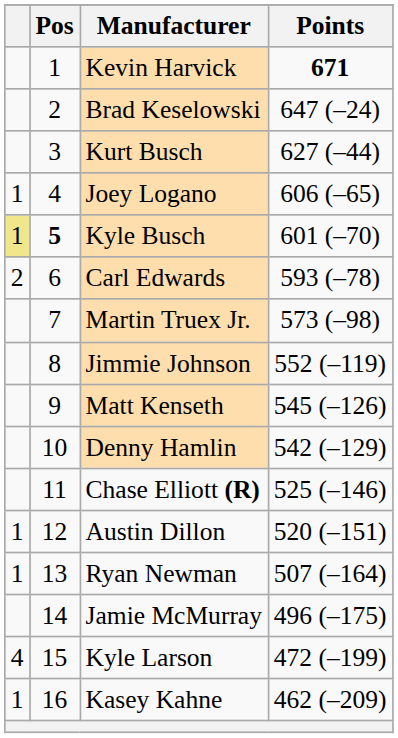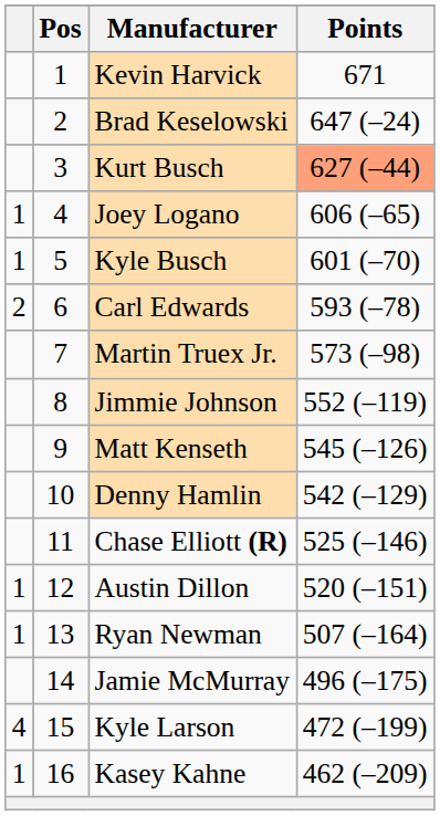 <table class="wikitable" style="font-size:95%">
 <tr>
 </tr>
 <tr>
 <th></th>
 <th>Pos</th>
 <th>Manufacturer</th>
 <th>Points</th>
 </tr>
 <tr>
 <td align="left"></td>
 <td style="text-align:center;">1</td>
 <td style="background:#FFDEAD;">Kevin Harvick</td>
-<td style="text-align:center;"><strong>671</strong></td>
+<td style="text-align:center;">671</td>
 </tr>
 <tr>
 <td align="left"></td>
 <td style="text-align:center;">2</td>
 <td style="background:#FFDEAD;">Brad Keselowski</td>
 <td style="text-align:center;">647 (–24)</td>
 </tr>
 <tr>
 <td align="left"></td>
 <td style="text-align:center;">3</td>
 <td style="background:#FFDEAD;">Kurt Busch</td>
-<td style="text-align:center;">627 (–44)</td>
+<td style="background: lightsalmon; text-align:center;">627 (–44)</td>
 </tr>
 <tr>
 <td align="left"> 1</td>
 <td style="text-align:center;">4</td>
 <td style="background:#FFDEAD;">Joey Logano</td>
 <td style="text-align:center;">606 (–65)</td>
 </tr>
 <tr>
-<td align="left" style="background: khaki;"> 1</td>
-<td style="text-align:center;"><strong>5</strong></td>
+<td align="left"> 1</td>
+<td style="text-align:center;">5</td>
 <td style="background:#FFDEAD;">Kyle Busch</td>
 <td style="text-align:center;">601 (–70)</td>
 </tr>
 <tr>
 <td align="left"> 2</td>
 <td style="text-align:center;">6</td>
 <td style="background:#FFDEAD;">Carl Edwards</td>
 <td style="text-align:center;">593 (–78)</td>
 </tr>
 <tr>
 <td align="left"></td>
 <td style="text-align:center;">7</td>
 <td style="background:#FFDEAD;">Martin Truex Jr.</td>
 <td style="text-align:center;">573 (–98)</td>
 </tr>
 <tr>
 <td align="left"></td>
 <td style="text-align:center;">8</td>
 <td style="background:#FFDEAD;">Jimmie Johnson</td>
 <td style="text-align:center;">552 (–119)</td>
 </tr>
 <tr>
 <td align="left"></td>
 <td style="text-align:center;">9</td>
 <td style="background:#FFDEAD;">Matt Kenseth</td>
 <td style="text-align:center;">545 (–126)</td>
 </tr>
 <tr>
 <td align="left"></td>
 <td style="text-align:center;">10</td>
 <td style="background:#FFDEAD;">Denny Hamlin</td>
 <td style="text-align:center;">542 (–129)</td>
 </tr>
 <tr>
 <td align="left"></td>
 <td style="text-align:center;">11</td>
 <td>Chase Elliott <strong>(R)</strong></td>
 <td style="text-align:center;">525 (–146)</td>
 </tr>
 <tr>
 <td align="left"> 1</td>
 <td style="text-align:center;">12</td>
 <td>Austin Dillon</td>
 <td style="text-align:center;">520 (–151)</td>
 </tr>
 <tr>
 <td align="left"> 1</td>
 <td style="text-align:center;">13</td>
 <td>Ryan Newman</td>
 <td style="text-align:center;">507 (–164)</td>
 </tr>
 <tr>
 <td align="left"></td>
 <td style="text-align:center;">14</td>
 <td>Jamie McMurray</td>
 <td style="text-align:center;">496 (–175)</td>
 </tr>
 <tr>
 <td align="left"> 4</td>
 <td style="text-align:center;">15</td>
 <td>Kyle Larson</td>
 <td style="text-align:center;">472 (–199)</td>
 </tr>
 <tr>
 <td align="left"> 1</td>
 <td style="text-align:center;">16</td>
 <td>Kasey Kahne</td>
 <td style="text-align:center;">462 (–209)</td>
 </tr>
 <tr class="sortbottom">
 <th colspan="9"></th>
 </tr>
 </table>
